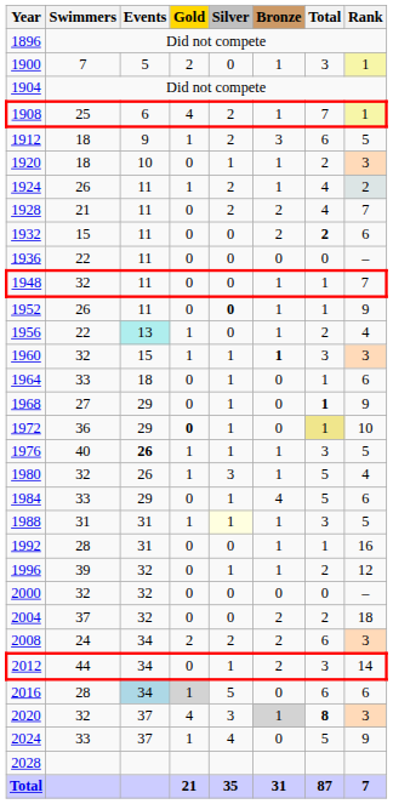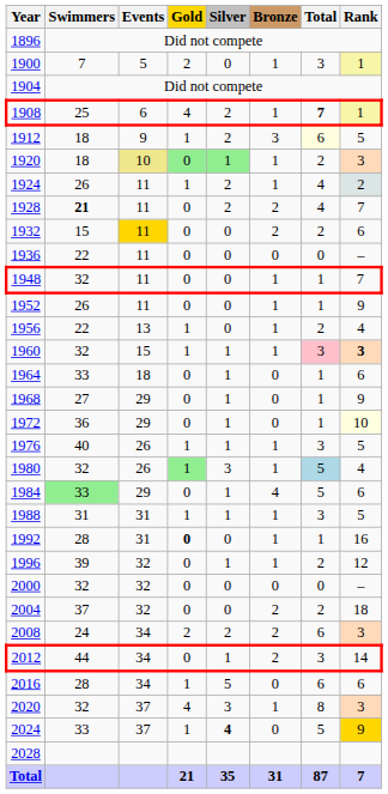 <table class="wikitable sortable collapsible collapsed">
 <tr>
 <th>Year</th>
 <th>Swimmers</th>
 <th>Events</th>
 <th style="text-align:center; background-color:gold;"><strong>Gold</strong></th>
 <th style="text-align:center; background-color:silver;"><strong>Silver</strong></th>
 <th style="text-align:center; background-color:#c96;"><strong>Bronze</strong></th>
 <th>Total</th>
 <th>Rank</th>
 </tr>
 <tr style="text-align:center">
 <td><a href='#'>1896</a></td>
 <td colspan=7>Did not compete</td>
 </tr>
 <tr style="text-align:center">
 <td><a href='#'>1900</a></td>
 <td>7</td>
 <td>5</td>
 <td>2</td>
 <td>0</td>
 <td>1</td>
 <td>3</td>
 <td style="background-color:#F7F6A8">1</td>
 </tr>
 <tr style="text-align:center">
 <td><a href='#'>1904</a></td>
 <td colspan=7>Did not compete</td>
 </tr>
 <tr style="text-align:center;border: 3px solid red">
 <td><a href='#'>1908</a></td>
 <td>25</td>
 <td>6</td>
 <td>4</td>
 <td>2</td>
 <td>1</td>
-<td>7</td>
+<td><strong>7</strong></td>
 <td style="background-color:#F7F6A8">1</td>
 </tr>
 <tr style="text-align:center">
 <td><a href='#'>1912</a></td>
 <td>18</td>
 <td>9</td>
 <td>1</td>
 <td>2</td>
 <td>3</td>
-<td>6</td>
+<td style="background: lightyellow;">6</td>
 <td>5</td>
 </tr>
 <tr style="text-align:center">
 <td><a href='#'>1920</a></td>
 <td>18</td>
-<td>10</td>
-<td>0</td>
-<td>1</td>
+<td style="background: khaki;">10</td>
+<td style="background: lightgreen;">0</td>
+<td style="background: lightgreen;">1</td>
 <td>1</td>
 <td>2</td>
 <td style="background-color:#ffdab9">3</td>
 </tr>
 <tr style="text-align:center">
 <td><a href='#'>1924</a></td>
 <td>26</td>
 <td>11</td>
 <td>1</td>
 <td>2</td>
 <td>1</td>
 <td>4</td>
 <td style="background-color:#dce5e5">2</td>
 </tr>
 <tr style="text-align:center">
 <td><a href='#'>1928</a></td>
-<td>21</td>
+<td><strong>21</strong></td>
 <td>11</td>
 <td>0</td>
 <td>2</td>
 <td>2</td>
 <td>4</td>
 <td>7</td>
 </tr>
 <tr style="text-align:center">
 <td><a href='#'>1932</a></td>
 <td>15</td>
-<td>11</td>
+<td style="background: gold;">11</td>
 <td>0</td>
 <td>0</td>
 <td>2</td>
-<td><strong>2</strong></td>
+<td>2</td>
 <td>6</td>
 </tr>
 <tr style="text-align:center">
 <td><a href='#'>1936</a></td>
 <td>22</td>
 <td>11</td>
 <td>0</td>
 <td>0</td>
 <td>0</td>
 <td>0</td>
 <td>–</td>
 </tr>
 <tr style="text-align:center;border: 3px solid red">
 <td><a href='#'>1948</a></td>
 <td>32</td>
 <td>11</td>
 <td>0</td>
 <td>0</td>
 <td>1</td>
 <td>1</td>
 <td>7</td>
 </tr>
 <tr style="text-align:center">
 <td><a href='#'>1952</a></td>
 <td>26</td>
 <td>11</td>
 <td>0</td>
-<td><strong>0</strong></td>
+<td>0</td>
 <td>1</td>
 <td>1</td>
 <td>9</td>
 </tr>
 <tr style="text-align:center">
 <td><a href='#'>1956</a></td>
 <td>22</td>
-<td style="background: paleturquoise;">13</td>
+<td>13</td>
 <td>1</td>
 <td>0</td>
 <td>1</td>
 <td>2</td>
 <td>4</td>
 </tr>
 <tr style="text-align:center">
 <td><a href='#'>1960</a></td>
 <td>32</td>
 <td>15</td>
 <td>1</td>
 <td>1</td>
-<td><strong>1</strong></td>
-<td>3</td>
-<td style="background-color:#ffdab9">3</td>
+<td>1</td>
+<td style="background: pink;">3</td>
+<td style="background-color:#ffdab9"><strong>3</strong></td>
 </tr>
 <tr style="text-align:center">
 <td><a href='#'>1964</a></td>
 <td>33</td>
 <td>18</td>
 <td>0</td>
 <td>1</td>
 <td>0</td>
 <td>1</td>
 <td>6</td>
 </tr>
 <tr style="text-align:center">
 <td><a href='#'>1968</a></td>
 <td>27</td>
 <td>29</td>
 <td>0</td>
 <td>1</td>
 <td>0</td>
-<td><strong>1</strong></td>
+<td>1</td>
 <td>9</td>
 </tr>
 <tr style="text-align:center">
 <td><a href='#'>1972</a></td>
 <td>36</td>
 <td>29</td>
-<td><strong>0</strong></td>
+<td>0</td>
 <td>1</td>
 <td>0</td>
-<td style="background: khaki;">1</td>
-<td>10</td>
+<td>1</td>
+<td style="background: lightyellow;">10</td>
 </tr>
 <tr style="text-align:center">
 <td><a href='#'>1976</a></td>
 <td>40</td>
-<td><strong>26</strong></td>
+<td>26</td>
 <td>1</td>
 <td>1</td>
 <td>1</td>
 <td>3</td>
 <td>5</td>
 </tr>
 <tr style="text-align:center">
 <td><a href='#'>1980</a></td>
 <td>32</td>
 <td>26</td>
-<td>1</td>
+<td style="background: lightgreen;">1</td>
 <td>3</td>
 <td>1</td>
-<td>5</td>
+<td style="background: lightblue;">5</td>
 <td>4</td>
 </tr>
 <tr style="text-align:center">
 <td><a href='#'>1984</a></td>
-<td>33</td>
+<td style="background: lightgreen;">33</td>
 <td>29</td>
 <td>0</td>
 <td>1</td>
 <td>4</td>
 <td>5</td>
 <td>6</td>
 </tr>
 <tr style="text-align:center">
 <td><a href='#'>1988</a></td>
 <td>31</td>
 <td>31</td>
 <td>1</td>
-<td style="background: lightyellow;">1</td>
+<td>1</td>
 <td>1</td>
 <td>3</td>
 <td>5</td>
 </tr>
 <tr style="text-align:center">
 <td><a href='#'>1992</a></td>
 <td>28</td>
 <td>31</td>
-<td>0</td>
+<td><strong>0</strong></td>
 <td>0</td>
 <td>1</td>
 <td>1</td>
 <td>16</td>
 </tr>
 <tr style="text-align:center">
 <td><a href='#'>1996</a></td>
 <td>39</td>
 <td>32</td>
 <td>0</td>
 <td>1</td>
 <td>1</td>
 <td>2</td>
 <td>12</td>
 </tr>
 <tr style="text-align:center">
 <td><a href='#'>2000</a></td>
 <td>32</td>
 <td>32</td>
 <td>0</td>
 <td>0</td>
 <td>0</td>
 <td>0</td>
 <td>–</td>
 </tr>
 <tr style="text-align:center">
 <td><a href='#'>2004</a></td>
 <td>37</td>
 <td>32</td>
 <td>0</td>
 <td>0</td>
 <td>2</td>
 <td>2</td>
 <td>18</td>
 </tr>
 <tr style="text-align:center">
 <td><a href='#'>2008</a></td>
 <td>24</td>
 <td>34</td>
 <td>2</td>
 <td>2</td>
 <td>2</td>
 <td>6</td>
 <td style="background-color:#ffdab9">3</td>
 </tr>
 <tr style="text-align:center;border: 3px solid red">
 <td><a href='#'>2012</a></td>
 <td>44</td>
 <td>34</td>
 <td>0</td>
 <td>1</td>
 <td>2</td>
 <td>3</td>
 <td>14</td>
 </tr>
 <tr style="text-align:center">
 <td><a href='#'>2016</a></td>
 <td>28</td>
-<td style="background: lightblue;">34</td>
-<td style="background: lightgrey;">1</td>
+<td>34</td>
+<td>1</td>
 <td>5</td>
 <td>0</td>
 <td>6</td>
 <td>6</td>
 </tr>
 <tr style="text-align:center">
 <td><a href='#'>2020</a></td>
 <td>32</td>
 <td>37</td>
 <td>4</td>
 <td>3</td>
-<td style="background: lightgrey;">1</td>
-<td><strong>8</strong></td>
+<td>1</td>
+<td>8</td>
 <td style="background-color:#ffdab9">3</td>
 </tr>
 <tr style="text-align:center">
 <td><a href='#'>2024</a></td>
 <td>33</td>
 <td>37</td>
 <td>1</td>
-<td>4</td>
+<td><strong>4</strong></td>
 <td>0</td>
 <td>5</td>
-<td>9</td>
+<td style="background: gold;">9</td>
 </tr>
 <tr style="text-align:center">
 <td><a href='#'>2028</a></td>
 <td></td>
 <td></td>
 <td></td>
 <td></td>
 <td></td>
 <td></td>
 <td></td>
 </tr>
 <tr style="text-align:center; background-color:#ccf;">
 <td><strong><a href='#'>Total</a></strong></td>
 <td></td>
 <td></td>
 <td><strong>21</strong></td>
 <td><strong>35</strong></td>
 <td><strong>31</strong></td>
 <td><strong>87</strong></td>
 <td><strong>7</strong></td>
 </tr>
 </table>
